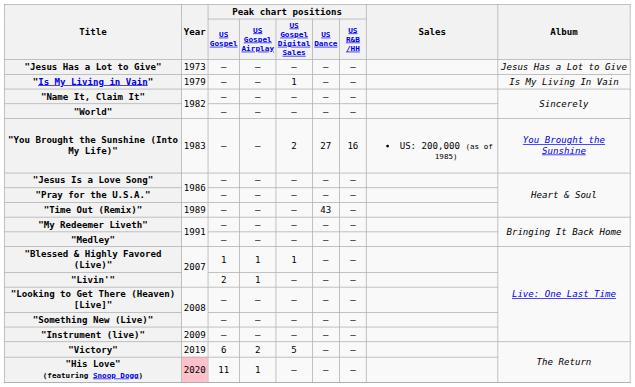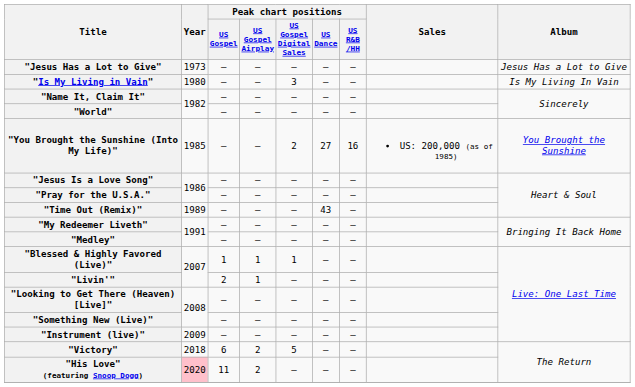 <table class="wikitable plainrowheaders" style="text-align:center;" border="1">
 <tr>
 <th scope="col" rowspan="2" style="width:19em;">Title</th>
 <th scope="col" rowspan="2" style="width:2em;">Year</th>
 <th scope="col" colspan="5">Peak chart positions</th>
 <th scope="col" rowspan="2" style="width:14em;">Sales</th>
 <th scope="col" rowspan="2" style="width:14em;">Album</th>
 </tr>
 <tr>
 <th scope="col" style="width:3em;font-size:85%;"><a href='#'>US<br>Gospel</a><br></th>
 <th scope="col" style="width:3em;font-size:85%;"><a href='#'>US<br>Gospel<br>Airplay</a><br></th>
 <th scope="col" style="width:3em;font-size:85%;"><a href='#'>US<br>Gospel<br>Digital<br>Sales</a><br></th>
 <th scope="col" style="width:3em;font-size:85%;"><a href='#'>US<br>Dance</a><br></th>
 <th scope="col" style="width:3em;font-size:85%;"><a href='#'>US R&B<br>/HH</a><br></th>
 </tr>
 <tr>
 <th scope="row">"Jesus Has a Lot to Give"</th>
 <td rowspan="1">1973</td>
 <td>—</td>
 <td>—</td>
 <td>—</td>
 <td>—</td>
 <td>—</td>
 <td></td>
 <td rowspan="1"><em>Jesus Has a Lot to Give</em></td>
 </tr>
 <tr>
 <th scope="row">"<a href='#'>Is My Living in Vain</a>"</th>
-<td rowspan="1">1979</td>
+<td rowspan="1">1980</td>
 <td>—</td>
 <td>—</td>
-<td>1</td>
+<td>3</td>
 <td>—</td>
 <td>—</td>
 <td></td>
 <td><em>Is My Living In Vain</em></td>
 </tr>
 <tr>
 <th scope="row">"Name It, Claim It"</th>
 <td rowspan="2">1982</td>
 <td>—</td>
 <td>—</td>
 <td>—</td>
 <td>—</td>
 <td>—</td>
 <td></td>
 <td rowspan="2"><em>Sincerely</em></td>
 </tr>
 <tr>
 <th scope="row">"World"</th>
 <td>—</td>
 <td>—</td>
 <td>—</td>
 <td>—</td>
 <td>—</td>
 <td></td>
 </tr>
 <tr>
 <th scope="row">"You Brought the Sunshine (Into My Life)"</th>
-<td rowspan="1">1983</td>
+<td rowspan="1">1985</td>
 <td>—</td>
 <td>—</td>
 <td>2</td>
 <td>27</td>
 <td>16</td>
 <td><br><ul><li>US: 200,000 <small>(as of 1985)</small></li></ul></td>
 <td><em><a href='#'>You Brought the Sunshine</a></em></td>
 </tr>
 <tr>
 <th scope="row">"Jesus Is a Love Song"</th>
 <td rowspan="2">1986</td>
 <td>—</td>
 <td>—</td>
 <td>—</td>
 <td>—</td>
 <td>—</td>
 <td></td>
 <td rowspan="3"><em>Heart & Soul</em></td>
 </tr>
 <tr>
 <th scope="row">"Pray for the U.S.A."</th>
 <td>—</td>
 <td>—</td>
 <td>—</td>
 <td>—</td>
 <td>—</td>
 <td></td>
 </tr>
 <tr>
 <th scope="row">"Time Out (Remix)"</th>
 <td>1989</td>
 <td>—</td>
 <td>—</td>
 <td>—</td>
 <td>43</td>
 <td>—</td>
 <td></td>
 </tr>
 <tr>
 <th scope="row">"My Redeemer Liveth"</th>
 <td rowspan="2">1991</td>
 <td>—</td>
 <td>—</td>
 <td>—</td>
 <td>—</td>
 <td>—</td>
 <td></td>
 <td rowspan="2"><em>Bringing It Back Home</em></td>
 </tr>
 <tr>
 <th scope="row">"Medley"</th>
 <td>—</td>
 <td>—</td>
 <td>—</td>
 <td>—</td>
 <td>—</td>
 <td></td>
 </tr>
 <tr>
 <th scope="row">"Blessed & Highly Favored (Live)"</th>
 <td rowspan="2">2007</td>
 <td>1</td>
 <td>1</td>
 <td>1</td>
 <td>—</td>
 <td>—</td>
 <td></td>
 <td rowspan="5"><em><a href='#'>Live: One Last Time</a></em></td>
 </tr>
 <tr>
 <th scope="row">"Livin'"</th>
 <td>2</td>
 <td>1</td>
 <td>—</td>
 <td>—</td>
 <td>—</td>
 <td></td>
 </tr>
 <tr>
 <th scope="row">"Looking to Get There (Heaven) [Live]"</th>
 <td rowspan="2">2008</td>
 <td>—</td>
 <td>—</td>
 <td>—</td>
 <td>—</td>
 <td>—</td>
 <td></td>
 </tr>
 <tr>
 <th scope="row">"Something New (Live)"</th>
 <td>—</td>
 <td>—</td>
 <td>—</td>
 <td>—</td>
 <td>—</td>
 <td></td>
 </tr>
 <tr>
 <th scope="row">"Instrument (live)"</th>
 <td rowspan="1">2009</td>
 <td>—</td>
 <td>—</td>
 <td>—</td>
 <td>—</td>
 <td>—</td>
 <td></td>
 </tr>
 <tr>
 <th scope="row">"Victory"</th>
-<td rowspan="1">2019</td>
+<td rowspan="1">2018</td>
 <td>6</td>
 <td>2</td>
 <td>5</td>
 <td>—</td>
 <td>—</td>
 <td></td>
 <td rowspan="2"><em>The Return</em></td>
 </tr>
 <tr>
 <th scope="row">"His Love"<br><small>(featuring <a href='#'>Snoop Dogg</a>)</small></th>
 <td rowspan="1" style="background: pink;">2020</td>
 <td>11</td>
-<td>1</td>
+<td>2</td>
 <td>—</td>
 <td>—</td>
 <td>—</td>
 <td></td>
 </tr>
 <tr>
 </tr>
 </table>
